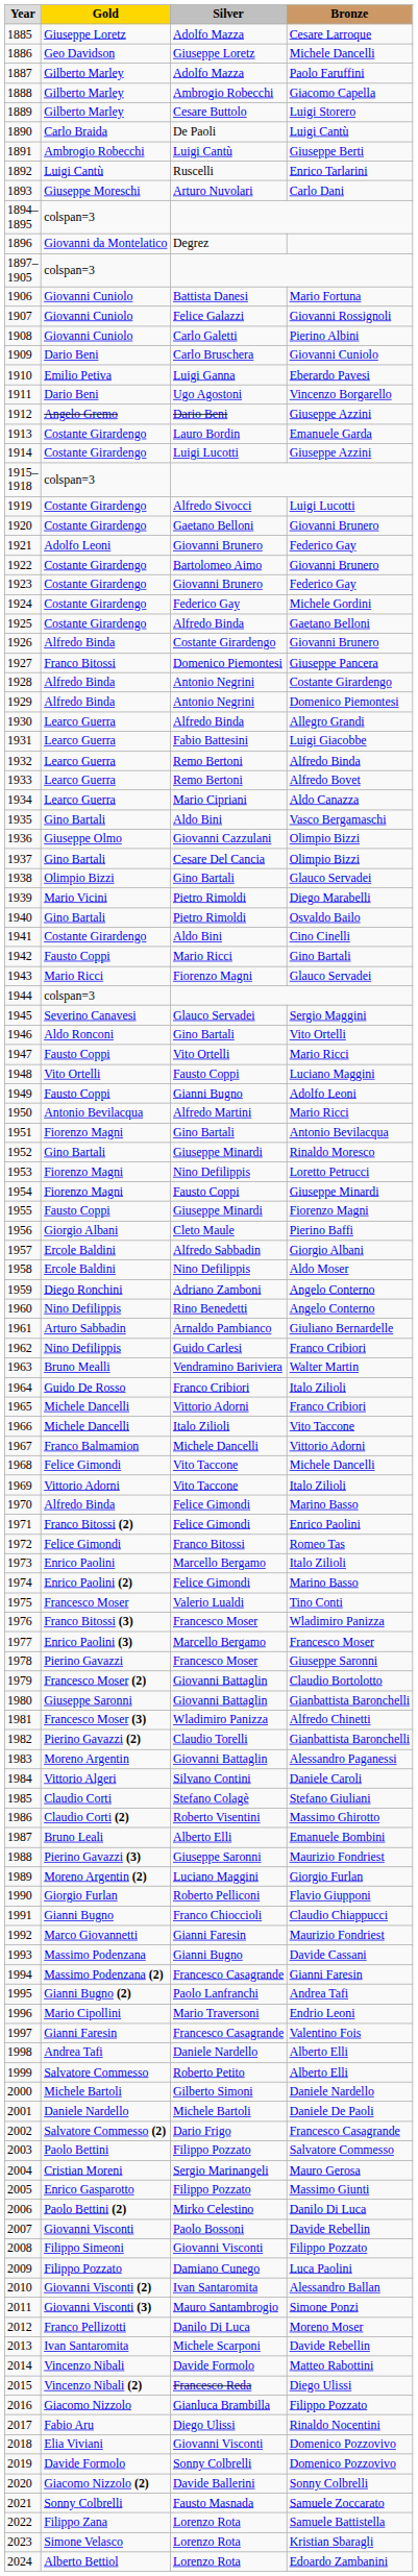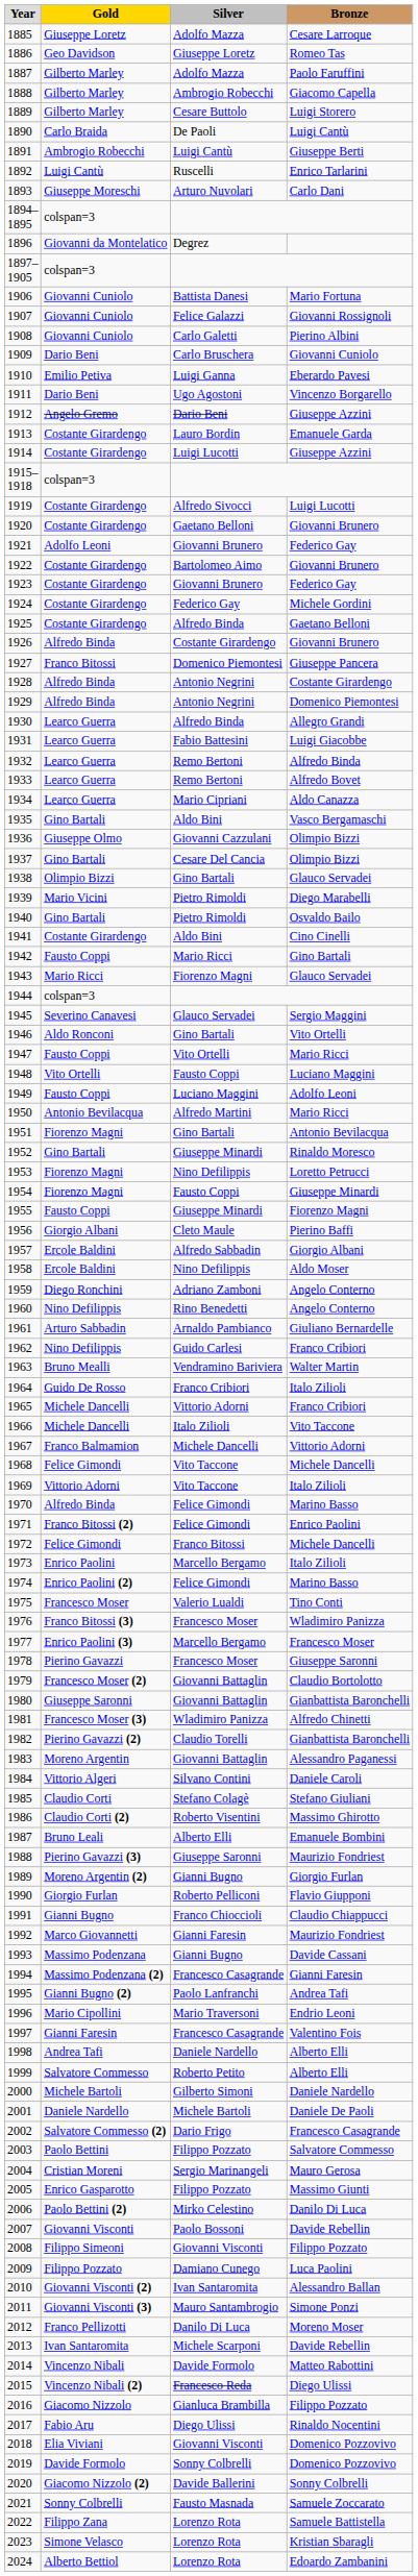 <table class="wikitable" style="text-align:left;">
 <tr>
 <td style="background:#DDDDDD; font-weight:bold; text-align:center;">Year</td>
 <td style="background:gold; font-weight:bold; text-align:center;">Gold</td>
 <td style="background:silver; font-weight:bold; text-align:center;">Silver</td>
 <td style="background:#cc9966; font-weight:bold; text-align:center;">Bronze</td>
 </tr>
 <tr>
 <td>1885</td>
 <td><a href='#'>Giuseppe Loretz</a></td>
 <td><a href='#'>Adolfo Mazza</a></td>
 <td><a href='#'>Cesare Larroque</a></td>
 </tr>
 <tr>
 <td>1886</td>
 <td><a href='#'>Geo Davidson</a></td>
 <td><a href='#'>Giuseppe Loretz</a></td>
-<td><a href='#'>Michele Dancelli</a></td>
+<td><a href='#'>Romeo Tas</a></td>
 </tr>
 <tr>
 <td>1887</td>
 <td><a href='#'>Gilberto Marley</a></td>
 <td><a href='#'>Adolfo Mazza</a></td>
 <td><a href='#'>Paolo Faruffini</a></td>
 </tr>
 <tr>
 <td>1888</td>
 <td><a href='#'>Gilberto Marley</a></td>
 <td><a href='#'>Ambrogio Robecchi</a></td>
 <td><a href='#'>Giacomo Capella</a></td>
 </tr>
 <tr>
 <td>1889</td>
 <td><a href='#'>Gilberto Marley</a></td>
 <td><a href='#'>Cesare Buttolo</a></td>
 <td><a href='#'>Luigi Storero</a></td>
 </tr>
 <tr>
 <td>1890</td>
 <td><a href='#'>Carlo Braida</a></td>
 <td>De Paoli</td>
 <td><a href='#'>Luigi Cantù</a></td>
 </tr>
 <tr>
 <td>1891</td>
 <td><a href='#'>Ambrogio Robecchi</a></td>
 <td><a href='#'>Luigi Cantù</a></td>
 <td><a href='#'>Giuseppe Berti</a></td>
 </tr>
 <tr>
 <td>1892</td>
 <td><a href='#'>Luigi Cantù</a></td>
 <td>Ruscelli</td>
 <td><a href='#'>Enrico Tarlarini</a></td>
 </tr>
 <tr>
 <td>1893</td>
 <td><a href='#'>Giuseppe Moreschi</a></td>
 <td><a href='#'>Arturo Nuvolari</a></td>
 <td><a href='#'>Carlo Dani</a></td>
 </tr>
 <tr>
 <td>1894–<br>1895</td>
 <td>colspan=3 </td>
 </tr>
 <tr>
 <td>1896</td>
 <td><a href='#'>Giovanni da Montelatico</a></td>
 <td>Degrez</td>
 <td></td>
 </tr>
 <tr>
 <td>1897–<br>1905</td>
 <td>colspan=3 </td>
 </tr>
 <tr>
 <td>1906</td>
 <td><a href='#'>Giovanni Cuniolo</a></td>
 <td><a href='#'>Battista Danesi</a></td>
 <td><a href='#'>Mario Fortuna</a></td>
 </tr>
 <tr>
 <td>1907</td>
 <td><a href='#'>Giovanni Cuniolo</a></td>
 <td><a href='#'>Felice Galazzi</a></td>
 <td><a href='#'>Giovanni Rossignoli</a></td>
 </tr>
 <tr>
 <td>1908</td>
 <td><a href='#'>Giovanni Cuniolo</a></td>
 <td><a href='#'>Carlo Galetti</a></td>
 <td><a href='#'>Pierino Albini</a></td>
 </tr>
 <tr>
 <td>1909</td>
 <td><a href='#'>Dario Beni</a></td>
 <td><a href='#'>Carlo Bruschera</a></td>
 <td><a href='#'>Giovanni Cuniolo</a></td>
 </tr>
 <tr>
 <td>1910</td>
 <td><a href='#'>Emilio Petiva</a></td>
 <td><a href='#'>Luigi Ganna</a></td>
 <td><a href='#'>Eberardo Pavesi</a></td>
 </tr>
 <tr>
 <td>1911</td>
 <td><a href='#'>Dario Beni</a></td>
 <td><a href='#'>Ugo Agostoni</a></td>
 <td><a href='#'>Vincenzo Borgarello</a></td>
 </tr>
 <tr>
 <td>1912</td>
 <td><s><a href='#'>Angelo Gremo</a></s></td>
 <td><s><a href='#'>Dario Beni</a></s></td>
 <td><a href='#'>Giuseppe Azzini</a></td>
 </tr>
 <tr>
 <td>1913</td>
 <td><a href='#'>Costante Girardengo</a></td>
 <td><a href='#'>Lauro Bordin</a></td>
 <td><a href='#'>Emanuele Garda</a></td>
 </tr>
 <tr>
 <td>1914</td>
 <td><a href='#'>Costante Girardengo</a></td>
 <td><a href='#'>Luigi Lucotti</a></td>
 <td><a href='#'>Giuseppe Azzini</a></td>
 </tr>
 <tr>
 <td>1915–<br>1918</td>
 <td>colspan=3 </td>
 </tr>
 <tr>
 <td>1919</td>
 <td><a href='#'>Costante Girardengo</a></td>
 <td><a href='#'>Alfredo Sivocci</a></td>
 <td><a href='#'>Luigi Lucotti</a></td>
 </tr>
 <tr>
 <td>1920</td>
 <td><a href='#'>Costante Girardengo</a></td>
 <td><a href='#'>Gaetano Belloni</a></td>
 <td><a href='#'>Giovanni Brunero</a></td>
 </tr>
 <tr>
 <td>1921</td>
 <td><a href='#'>Adolfo Leoni</a></td>
 <td><a href='#'>Giovanni Brunero</a></td>
 <td><a href='#'>Federico Gay</a></td>
 </tr>
 <tr>
 <td>1922</td>
 <td><a href='#'>Costante Girardengo</a></td>
 <td><a href='#'>Bartolomeo Aimo</a></td>
 <td><a href='#'>Giovanni Brunero</a></td>
 </tr>
 <tr>
 <td>1923</td>
 <td><a href='#'>Costante Girardengo</a></td>
 <td><a href='#'>Giovanni Brunero</a></td>
 <td><a href='#'>Federico Gay</a></td>
 </tr>
 <tr>
 <td>1924</td>
 <td><a href='#'>Costante Girardengo</a></td>
 <td><a href='#'>Federico Gay</a></td>
 <td><a href='#'>Michele Gordini</a></td>
 </tr>
 <tr>
 <td>1925</td>
 <td><a href='#'>Costante Girardengo</a></td>
 <td><a href='#'>Alfredo Binda</a></td>
 <td><a href='#'>Gaetano Belloni</a></td>
 </tr>
 <tr>
 <td>1926</td>
 <td><a href='#'>Alfredo Binda</a></td>
 <td><a href='#'>Costante Girardengo</a></td>
 <td><a href='#'>Giovanni Brunero</a></td>
 </tr>
 <tr>
 <td>1927</td>
 <td><a href='#'>Franco Bitossi</a></td>
 <td><a href='#'>Domenico Piemontesi</a></td>
 <td><a href='#'>Giuseppe Pancera</a></td>
 </tr>
 <tr>
 <td>1928</td>
 <td><a href='#'>Alfredo Binda</a></td>
 <td><a href='#'>Antonio Negrini</a></td>
 <td><a href='#'>Costante Girardengo</a></td>
 </tr>
 <tr>
 <td>1929</td>
 <td><a href='#'>Alfredo Binda</a></td>
 <td><a href='#'>Antonio Negrini</a></td>
 <td><a href='#'>Domenico Piemontesi</a></td>
 </tr>
 <tr>
 <td>1930</td>
 <td><a href='#'>Learco Guerra</a></td>
 <td><a href='#'>Alfredo Binda</a></td>
 <td><a href='#'>Allegro Grandi</a></td>
 </tr>
 <tr>
 <td>1931</td>
 <td><a href='#'>Learco Guerra</a></td>
 <td><a href='#'>Fabio Battesini</a></td>
 <td><a href='#'>Luigi Giacobbe</a></td>
 </tr>
 <tr>
 <td>1932</td>
 <td><a href='#'>Learco Guerra</a></td>
 <td><a href='#'>Remo Bertoni</a></td>
 <td><a href='#'>Alfredo Binda</a></td>
 </tr>
 <tr>
 <td>1933</td>
 <td><a href='#'>Learco Guerra</a></td>
 <td><a href='#'>Remo Bertoni</a></td>
 <td><a href='#'>Alfredo Bovet</a></td>
 </tr>
 <tr>
 <td>1934</td>
 <td><a href='#'>Learco Guerra</a></td>
 <td><a href='#'>Mario Cipriani</a></td>
 <td><a href='#'>Aldo Canazza</a></td>
 </tr>
 <tr>
 <td>1935</td>
 <td><a href='#'>Gino Bartali</a></td>
 <td><a href='#'>Aldo Bini</a></td>
 <td><a href='#'>Vasco Bergamaschi</a></td>
 </tr>
 <tr>
 <td>1936</td>
 <td><a href='#'>Giuseppe Olmo</a></td>
 <td><a href='#'>Giovanni Cazzulani</a></td>
 <td><a href='#'>Olimpio Bizzi</a></td>
 </tr>
 <tr>
 <td>1937</td>
 <td><a href='#'>Gino Bartali</a></td>
 <td><a href='#'>Cesare Del Cancia</a></td>
 <td><a href='#'>Olimpio Bizzi</a></td>
 </tr>
 <tr>
 <td>1938</td>
 <td><a href='#'>Olimpio Bizzi</a></td>
 <td><a href='#'>Gino Bartali</a></td>
 <td><a href='#'>Glauco Servadei</a></td>
 </tr>
 <tr>
 <td>1939</td>
 <td><a href='#'>Mario Vicini</a></td>
 <td><a href='#'>Pietro Rimoldi</a></td>
 <td><a href='#'>Diego Marabelli</a></td>
 </tr>
 <tr>
 <td>1940</td>
 <td><a href='#'>Gino Bartali</a></td>
 <td><a href='#'>Pietro Rimoldi</a></td>
 <td><a href='#'>Osvaldo Bailo</a></td>
 </tr>
 <tr>
 <td>1941</td>
 <td><a href='#'>Costante Girardengo</a></td>
 <td><a href='#'>Aldo Bini</a></td>
 <td><a href='#'>Cino Cinelli</a></td>
 </tr>
 <tr>
 <td>1942</td>
 <td><a href='#'>Fausto Coppi</a></td>
 <td><a href='#'>Mario Ricci</a></td>
 <td><a href='#'>Gino Bartali</a></td>
 </tr>
 <tr>
 <td>1943</td>
 <td><a href='#'>Mario Ricci</a></td>
 <td><a href='#'>Fiorenzo Magni</a></td>
 <td><a href='#'>Glauco Servadei</a></td>
 </tr>
 <tr>
 <td>1944</td>
 <td>colspan=3 </td>
 </tr>
 <tr>
 <td>1945</td>
 <td><a href='#'>Severino Canavesi</a></td>
 <td><a href='#'>Glauco Servadei</a></td>
 <td><a href='#'>Sergio Maggini</a></td>
 </tr>
 <tr ->
 <td>1946</td>
 <td><a href='#'>Aldo Ronconi</a></td>
 <td><a href='#'>Gino Bartali</a></td>
 <td><a href='#'>Vito Ortelli</a></td>
 </tr>
 <tr>
 <td>1947</td>
 <td><a href='#'>Fausto Coppi</a></td>
 <td><a href='#'>Vito Ortelli</a></td>
 <td><a href='#'>Mario Ricci</a></td>
 </tr>
 <tr>
 <td>1948</td>
 <td><a href='#'>Vito Ortelli</a></td>
 <td><a href='#'>Fausto Coppi</a></td>
 <td><a href='#'>Luciano Maggini</a></td>
 </tr>
 <tr>
 <td>1949</td>
 <td><a href='#'>Fausto Coppi</a></td>
-<td><a href='#'>Gianni Bugno</a></td>
+<td><a href='#'>Luciano Maggini</a></td>
 <td><a href='#'>Adolfo Leoni</a></td>
 </tr>
 <tr>
 <td>1950</td>
 <td><a href='#'>Antonio Bevilacqua</a></td>
 <td><a href='#'>Alfredo Martini</a></td>
 <td><a href='#'>Mario Ricci</a></td>
 </tr>
 <tr>
 <td>1951</td>
 <td><a href='#'>Fiorenzo Magni</a></td>
 <td><a href='#'>Gino Bartali</a></td>
 <td><a href='#'>Antonio Bevilacqua</a></td>
 </tr>
 <tr>
 <td>1952</td>
 <td><a href='#'>Gino Bartali</a></td>
 <td><a href='#'>Giuseppe Minardi</a></td>
 <td><a href='#'>Rinaldo Moresco</a></td>
 </tr>
 <tr>
 <td>1953</td>
 <td><a href='#'>Fiorenzo Magni</a></td>
 <td><a href='#'>Nino Defilippis</a></td>
 <td><a href='#'>Loretto Petrucci</a></td>
 </tr>
 <tr>
 <td>1954</td>
 <td><a href='#'>Fiorenzo Magni</a></td>
 <td><a href='#'>Fausto Coppi</a></td>
 <td><a href='#'>Giuseppe Minardi</a></td>
 </tr>
 <tr>
 <td>1955</td>
 <td><a href='#'>Fausto Coppi</a></td>
 <td><a href='#'>Giuseppe Minardi</a></td>
 <td><a href='#'>Fiorenzo Magni</a></td>
 </tr>
 <tr>
 <td>1956</td>
 <td><a href='#'>Giorgio Albani</a></td>
 <td><a href='#'>Cleto Maule</a></td>
 <td><a href='#'>Pierino Baffi</a></td>
 </tr>
 <tr>
 <td>1957</td>
 <td><a href='#'>Ercole Baldini</a></td>
 <td><a href='#'>Alfredo Sabbadin</a></td>
 <td><a href='#'>Giorgio Albani</a></td>
 </tr>
 <tr>
 <td>1958</td>
 <td><a href='#'>Ercole Baldini</a></td>
 <td><a href='#'>Nino Defilippis</a></td>
 <td><a href='#'>Aldo Moser</a></td>
 </tr>
 <tr>
 <td>1959</td>
 <td><a href='#'>Diego Ronchini</a></td>
 <td><a href='#'>Adriano Zamboni</a></td>
 <td><a href='#'>Angelo Conterno</a></td>
 </tr>
 <tr>
 <td>1960</td>
 <td><a href='#'>Nino Defilippis</a></td>
 <td><a href='#'>Rino Benedetti</a></td>
 <td><a href='#'>Angelo Conterno</a></td>
 </tr>
 <tr>
 <td>1961</td>
 <td><a href='#'>Arturo Sabbadin</a></td>
 <td><a href='#'>Arnaldo Pambianco</a></td>
 <td><a href='#'>Giuliano Bernardelle</a></td>
 </tr>
 <tr>
 <td>1962</td>
 <td><a href='#'>Nino Defilippis</a></td>
 <td><a href='#'>Guido Carlesi</a></td>
 <td><a href='#'>Franco Cribiori</a></td>
 </tr>
 <tr>
 <td>1963</td>
 <td><a href='#'>Bruno Mealli</a></td>
 <td><a href='#'>Vendramino Bariviera</a></td>
 <td><a href='#'>Walter Martin</a></td>
 </tr>
 <tr>
 <td>1964</td>
 <td><a href='#'>Guido De Rosso</a></td>
 <td><a href='#'>Franco Cribiori</a></td>
 <td><a href='#'>Italo Zilioli</a></td>
 </tr>
 <tr>
 <td>1965</td>
 <td><a href='#'>Michele Dancelli</a></td>
 <td><a href='#'>Vittorio Adorni</a></td>
 <td><a href='#'>Franco Cribiori</a></td>
 </tr>
 <tr>
 <td>1966</td>
 <td><a href='#'>Michele Dancelli</a></td>
 <td><a href='#'>Italo Zilioli</a></td>
 <td><a href='#'>Vito Taccone</a></td>
 </tr>
 <tr>
 <td>1967</td>
 <td><a href='#'>Franco Balmamion</a></td>
 <td><a href='#'>Michele Dancelli</a></td>
 <td><a href='#'>Vittorio Adorni</a></td>
 </tr>
 <tr>
 <td>1968</td>
 <td><a href='#'>Felice Gimondi</a></td>
 <td><a href='#'>Vito Taccone</a></td>
 <td><a href='#'>Michele Dancelli</a></td>
 </tr>
 <tr>
 <td>1969</td>
 <td><a href='#'>Vittorio Adorni</a></td>
 <td><a href='#'>Vito Taccone</a></td>
 <td><a href='#'>Italo Zilioli</a></td>
 </tr>
 <tr>
 <td>1970</td>
 <td><a href='#'>Alfredo Binda</a></td>
 <td><a href='#'>Felice Gimondi</a></td>
 <td><a href='#'>Marino Basso</a></td>
 </tr>
 <tr>
 <td>1971</td>
 <td><a href='#'>Franco Bitossi</a> <strong>(2)</strong></td>
 <td><a href='#'>Felice Gimondi</a></td>
 <td><a href='#'>Enrico Paolini</a></td>
 </tr>
 <tr>
 <td>1972</td>
 <td><a href='#'>Felice Gimondi</a></td>
 <td><a href='#'>Franco Bitossi</a></td>
-<td><a href='#'>Romeo Tas</a></td>
+<td><a href='#'>Michele Dancelli</a></td>
 </tr>
 <tr>
 <td>1973</td>
 <td><a href='#'>Enrico Paolini</a></td>
 <td><a href='#'>Marcello Bergamo</a></td>
 <td><a href='#'>Italo Zilioli</a></td>
 </tr>
 <tr>
 <td>1974</td>
 <td><a href='#'>Enrico Paolini</a> <strong>(2)</strong></td>
 <td><a href='#'>Felice Gimondi</a></td>
 <td><a href='#'>Marino Basso</a></td>
 </tr>
 <tr>
 <td>1975</td>
 <td><a href='#'>Francesco Moser</a></td>
 <td><a href='#'>Valerio Lualdi</a></td>
 <td><a href='#'>Tino Conti</a></td>
 </tr>
 <tr>
 <td>1976</td>
 <td><a href='#'>Franco Bitossi</a> <strong>(3)</strong></td>
 <td><a href='#'>Francesco Moser</a></td>
 <td><a href='#'>Wladimiro Panizza</a></td>
 </tr>
 <tr>
 <td>1977</td>
 <td><a href='#'>Enrico Paolini</a> <strong>(3)</strong></td>
 <td><a href='#'>Marcello Bergamo</a></td>
 <td><a href='#'>Francesco Moser</a></td>
 </tr>
 <tr>
 <td>1978</td>
 <td><a href='#'>Pierino Gavazzi</a></td>
 <td><a href='#'>Francesco Moser</a></td>
 <td><a href='#'>Giuseppe Saronni</a></td>
 </tr>
 <tr>
 <td>1979</td>
 <td><a href='#'>Francesco Moser</a> <strong>(2)</strong></td>
 <td><a href='#'>Giovanni Battaglin</a></td>
 <td><a href='#'>Claudio Bortolotto</a></td>
 </tr>
 <tr>
 <td>1980</td>
 <td><a href='#'>Giuseppe Saronni</a></td>
 <td><a href='#'>Giovanni Battaglin</a></td>
 <td><a href='#'>Gianbattista Baronchelli</a></td>
 </tr>
 <tr>
 <td>1981</td>
 <td><a href='#'>Francesco Moser</a> <strong>(3)</strong></td>
 <td><a href='#'>Wladimiro Panizza</a></td>
 <td><a href='#'>Alfredo Chinetti</a></td>
 </tr>
 <tr>
 <td>1982</td>
 <td><a href='#'>Pierino Gavazzi</a> <strong>(2)</strong></td>
 <td><a href='#'>Claudio Torelli</a></td>
 <td><a href='#'>Gianbattista Baronchelli</a></td>
 </tr>
 <tr>
 <td>1983</td>
 <td><a href='#'>Moreno Argentin</a></td>
 <td><a href='#'>Giovanni Battaglin</a></td>
 <td><a href='#'>Alessandro Paganessi</a></td>
 </tr>
 <tr>
 <td>1984</td>
 <td><a href='#'>Vittorio Algeri</a></td>
 <td><a href='#'>Silvano Contini</a></td>
 <td><a href='#'>Daniele Caroli</a></td>
 </tr>
 <tr>
 <td>1985</td>
 <td><a href='#'>Claudio Corti</a></td>
 <td><a href='#'>Stefano Colagè</a></td>
 <td><a href='#'>Stefano Giuliani</a></td>
 </tr>
 <tr>
 <td>1986</td>
 <td><a href='#'>Claudio Corti</a> <strong>(2)</strong></td>
 <td><a href='#'>Roberto Visentini</a></td>
 <td><a href='#'>Massimo Ghirotto</a></td>
 </tr>
 <tr>
 <td>1987</td>
 <td><a href='#'>Bruno Leali</a></td>
 <td><a href='#'>Alberto Elli</a></td>
 <td><a href='#'>Emanuele Bombini</a></td>
 </tr>
 <tr>
 <td>1988</td>
 <td><a href='#'>Pierino Gavazzi</a> <strong>(3)</strong></td>
 <td><a href='#'>Giuseppe Saronni</a></td>
 <td><a href='#'>Maurizio Fondriest</a></td>
 </tr>
 <tr>
 <td>1989</td>
 <td><a href='#'>Moreno Argentin</a> <strong>(2)</strong></td>
-<td><a href='#'>Luciano Maggini</a></td>
+<td><a href='#'>Gianni Bugno</a></td>
 <td><a href='#'>Giorgio Furlan</a></td>
 </tr>
 <tr>
 <td>1990</td>
 <td><a href='#'>Giorgio Furlan</a></td>
 <td><a href='#'>Roberto Pelliconi</a></td>
 <td><a href='#'>Flavio Giupponi</a></td>
 </tr>
 <tr>
 <td>1991</td>
 <td><a href='#'>Gianni Bugno</a></td>
 <td><a href='#'>Franco Chioccioli</a></td>
 <td><a href='#'>Claudio Chiappucci</a></td>
 </tr>
 <tr>
 <td>1992</td>
 <td><a href='#'>Marco Giovannetti</a></td>
 <td><a href='#'>Gianni Faresin</a></td>
 <td><a href='#'>Maurizio Fondriest</a></td>
 </tr>
 <tr>
 <td>1993</td>
 <td><a href='#'>Massimo Podenzana</a></td>
 <td><a href='#'>Gianni Bugno</a></td>
 <td><a href='#'>Davide Cassani</a></td>
 </tr>
 <tr>
 <td>1994</td>
 <td><a href='#'>Massimo Podenzana</a> <strong>(2)</strong></td>
 <td><a href='#'>Francesco Casagrande</a></td>
 <td><a href='#'>Gianni Faresin</a></td>
 </tr>
 <tr>
 <td>1995</td>
 <td><a href='#'>Gianni Bugno</a> <strong>(2)</strong></td>
 <td><a href='#'>Paolo Lanfranchi</a></td>
 <td><a href='#'>Andrea Tafi</a></td>
 </tr>
 <tr>
 <td>1996</td>
 <td><a href='#'>Mario Cipollini</a></td>
 <td><a href='#'>Mario Traversoni</a></td>
 <td><a href='#'>Endrio Leoni</a></td>
 </tr>
 <tr>
 <td>1997</td>
 <td><a href='#'>Gianni Faresin</a></td>
 <td><a href='#'>Francesco Casagrande</a></td>
 <td><a href='#'>Valentino Fois</a></td>
 </tr>
 <tr>
 <td>1998</td>
 <td><a href='#'>Andrea Tafi</a></td>
 <td><a href='#'>Daniele Nardello</a></td>
 <td><a href='#'>Alberto Elli</a></td>
 </tr>
 <tr>
 <td>1999</td>
 <td><a href='#'>Salvatore Commesso</a></td>
 <td><a href='#'>Roberto Petito</a></td>
 <td><a href='#'>Alberto Elli</a></td>
 </tr>
 <tr>
 <td>2000</td>
 <td><a href='#'>Michele Bartoli</a></td>
 <td><a href='#'>Gilberto Simoni</a></td>
 <td><a href='#'>Daniele Nardello</a></td>
 </tr>
 <tr>
 <td>2001</td>
 <td><a href='#'>Daniele Nardello</a></td>
 <td><a href='#'>Michele Bartoli</a></td>
 <td><a href='#'>Daniele De Paoli</a></td>
 </tr>
 <tr>
 <td>2002</td>
 <td><a href='#'>Salvatore Commesso</a> <strong>(2)</strong></td>
 <td><a href='#'>Dario Frigo</a></td>
 <td><a href='#'>Francesco Casagrande</a></td>
 </tr>
 <tr>
 <td>2003</td>
 <td><a href='#'>Paolo Bettini</a></td>
 <td><a href='#'>Filippo Pozzato</a></td>
 <td><a href='#'>Salvatore Commesso</a></td>
 </tr>
 <tr>
 <td>2004</td>
 <td><a href='#'>Cristian Moreni</a></td>
 <td><a href='#'>Sergio Marinangeli</a></td>
 <td><a href='#'>Mauro Gerosa</a></td>
 </tr>
 <tr>
 <td>2005</td>
 <td><a href='#'>Enrico Gasparotto</a></td>
 <td><a href='#'>Filippo Pozzato</a></td>
 <td><a href='#'>Massimo Giunti</a></td>
 </tr>
 <tr>
 <td>2006</td>
 <td><a href='#'>Paolo Bettini</a> <strong>(2)</strong></td>
 <td><a href='#'>Mirko Celestino</a></td>
 <td><a href='#'>Danilo Di Luca</a></td>
 </tr>
 <tr>
 <td>2007</td>
 <td><a href='#'>Giovanni Visconti</a></td>
 <td><a href='#'>Paolo Bossoni</a></td>
 <td><a href='#'>Davide Rebellin</a></td>
 </tr>
 <tr>
 <td>2008</td>
 <td><a href='#'>Filippo Simeoni</a></td>
 <td><a href='#'>Giovanni Visconti</a></td>
 <td><a href='#'>Filippo Pozzato</a></td>
 </tr>
 <tr>
 <td>2009</td>
 <td><a href='#'>Filippo Pozzato</a></td>
 <td><a href='#'>Damiano Cunego</a></td>
 <td><a href='#'>Luca Paolini</a></td>
 </tr>
 <tr>
 <td>2010</td>
 <td><a href='#'>Giovanni Visconti</a> <strong>(2)</strong></td>
 <td><a href='#'>Ivan Santaromita</a></td>
 <td><a href='#'>Alessandro Ballan</a></td>
 </tr>
 <tr>
 <td>2011</td>
 <td><a href='#'>Giovanni Visconti</a> <strong>(3)</strong></td>
 <td><a href='#'>Mauro Santambrogio</a></td>
 <td><a href='#'>Simone Ponzi</a></td>
 </tr>
 <tr>
 <td>2012</td>
 <td><a href='#'>Franco Pellizotti</a></td>
 <td><a href='#'>Danilo Di Luca</a></td>
 <td><a href='#'>Moreno Moser</a></td>
 </tr>
 <tr>
 <td>2013</td>
 <td><a href='#'>Ivan Santaromita</a></td>
 <td><a href='#'>Michele Scarponi</a></td>
 <td><a href='#'>Davide Rebellin</a></td>
 </tr>
 <tr>
 <td>2014</td>
 <td><a href='#'>Vincenzo Nibali</a></td>
 <td><a href='#'>Davide Formolo</a></td>
 <td><a href='#'>Matteo Rabottini</a></td>
 </tr>
 <tr>
 <td>2015</td>
 <td><a href='#'>Vincenzo Nibali</a> <strong>(2)</strong></td>
 <td><s><a href='#'>Francesco Reda</a></s></td>
 <td><a href='#'>Diego Ulissi</a></td>
 </tr>
 <tr>
 <td>2016</td>
 <td><a href='#'>Giacomo Nizzolo</a></td>
 <td><a href='#'>Gianluca Brambilla</a></td>
 <td><a href='#'>Filippo Pozzato</a></td>
 </tr>
 <tr>
 <td>2017</td>
 <td><a href='#'>Fabio Aru</a></td>
 <td><a href='#'>Diego Ulissi</a></td>
 <td><a href='#'>Rinaldo Nocentini</a></td>
 </tr>
 <tr>
 <td>2018</td>
 <td><a href='#'>Elia Viviani</a></td>
 <td><a href='#'>Giovanni Visconti</a></td>
 <td><a href='#'>Domenico Pozzovivo</a></td>
 </tr>
 <tr>
 <td>2019</td>
 <td><a href='#'>Davide Formolo</a></td>
 <td><a href='#'>Sonny Colbrelli</a></td>
 <td><a href='#'>Domenico Pozzovivo</a></td>
 </tr>
 <tr>
 <td>2020</td>
 <td><a href='#'>Giacomo Nizzolo</a> <strong>(2)</strong></td>
 <td><a href='#'>Davide Ballerini</a></td>
 <td><a href='#'>Sonny Colbrelli</a></td>
 </tr>
 <tr>
 <td>2021</td>
 <td><a href='#'>Sonny Colbrelli</a></td>
 <td><a href='#'>Fausto Masnada</a></td>
 <td><a href='#'>Samuele Zoccarato</a></td>
 </tr>
 <tr>
 <td>2022</td>
 <td><a href='#'>Filippo Zana</a></td>
 <td><a href='#'>Lorenzo Rota</a></td>
 <td><a href='#'>Samuele Battistella</a></td>
 </tr>
 <tr>
 <td>2023</td>
 <td><a href='#'>Simone Velasco</a></td>
 <td><a href='#'>Lorenzo Rota</a></td>
 <td><a href='#'>Kristian Sbaragli</a></td>
 </tr>
 <tr>
 <td>2024</td>
 <td><a href='#'>Alberto Bettiol</a></td>
 <td><a href='#'>Lorenzo Rota</a></td>
 <td><a href='#'>Edoardo Zambanini</a></td>
 </tr>
 </table>
